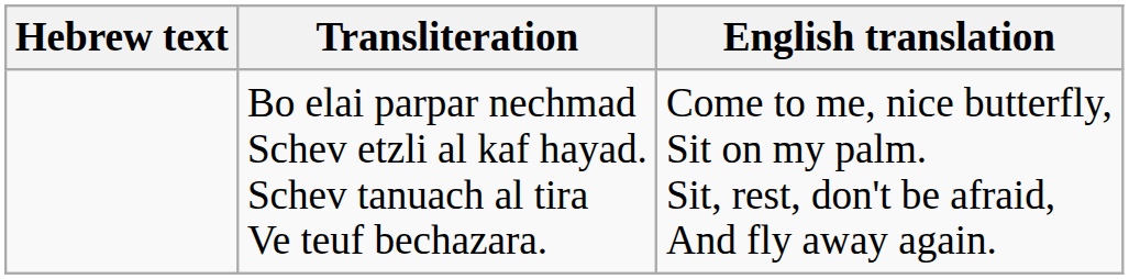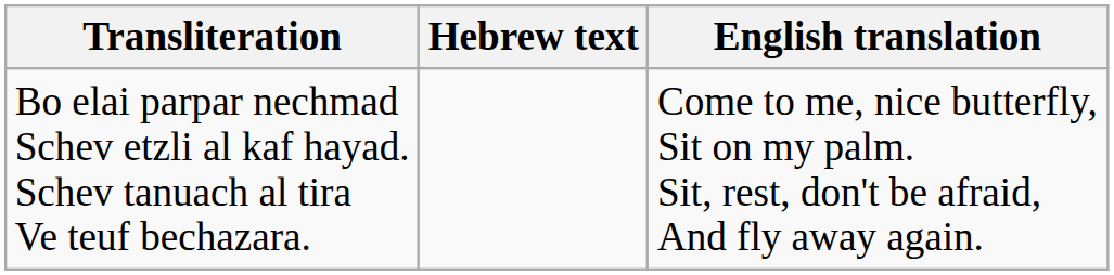 <table class="wikitable">
 <tr cellpadding="5" cellspacing="5">
+<th>Transliteration</th>
 <th>Hebrew text</th>
-<th>Transliteration</th>
 <th>English translation</th>
 </tr>
 <tr valign="top">
+<td>Bo elai parpar nechmad<br>Schev etzli al kaf hayad.<br>Schev tanuach al tira<br>Ve teuf bechazara.</td>
 <td></td>
-<td>Bo elai parpar nechmad<br>Schev etzli al kaf hayad.<br>Schev tanuach al tira<br>Ve teuf bechazara.</td>
 <td>Come to me, nice butterfly,<br>Sit on my palm.<br>Sit, rest, don't be afraid,<br>And fly away again.</td>
 </tr>
 </table>
